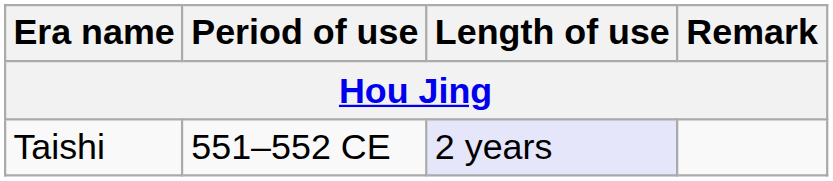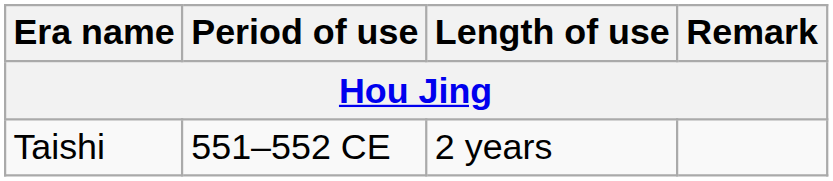 <table class="wikitable">
 <tr>
 <th>Era name</th>
 <th>Period of use</th>
 <th>Length of use</th>
 <th>Remark</th>
 </tr>
 <tr>
 <th colspan="4"><a href='#'>Hou Jing</a><br></th>
 </tr>
 <tr>
 <td>Taishi<br></td>
 <td>551–552 CE</td>
-<td style="background: lavender;">2 years</td>
+<td>2 years</td>
 <td></td>
 </tr>
 </table>
